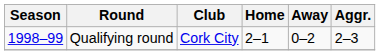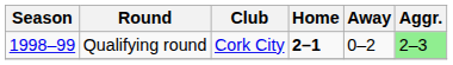 <table class="wikitable">
 <tr>
 <th>Season</th>
 <th>Round</th>
 <th>Club</th>
 <th>Home</th>
 <th>Away</th>
 <th>Aggr.</th>
 </tr>
 <tr>
 <td><a href='#'>1998–99</a></td>
 <td>Qualifying round</td>
 <td> <a href='#'>Cork City</a></td>
-<td>2–1</td>
+<td><strong>2–1</strong></td>
 <td>0–2</td>
-<td>2–3</td>
+<td style="background: lightgreen;">2–3</td>
 </tr>
 <tr>
 </tr>
 </table>
